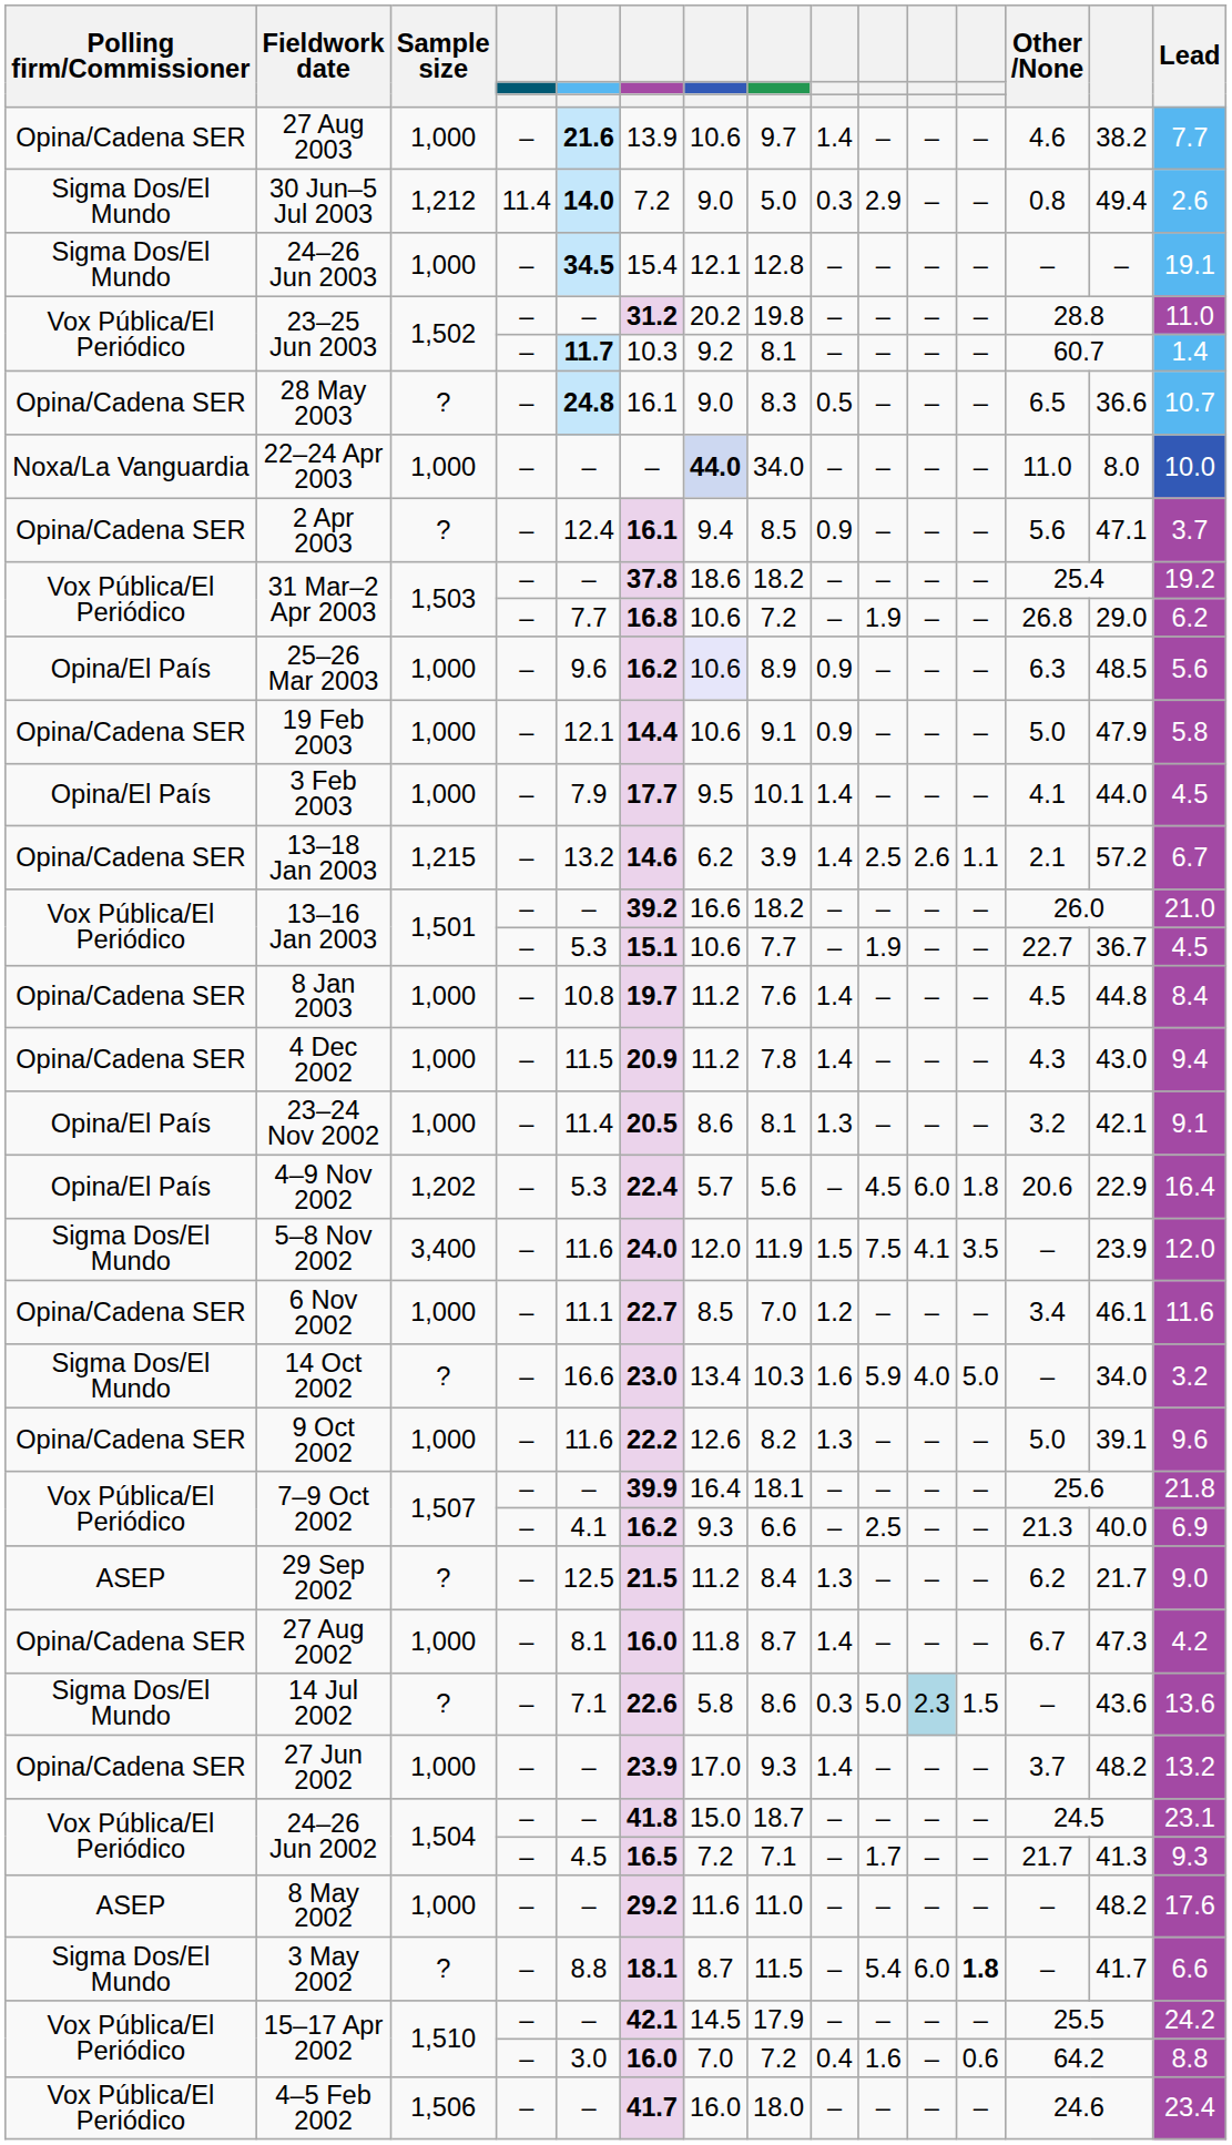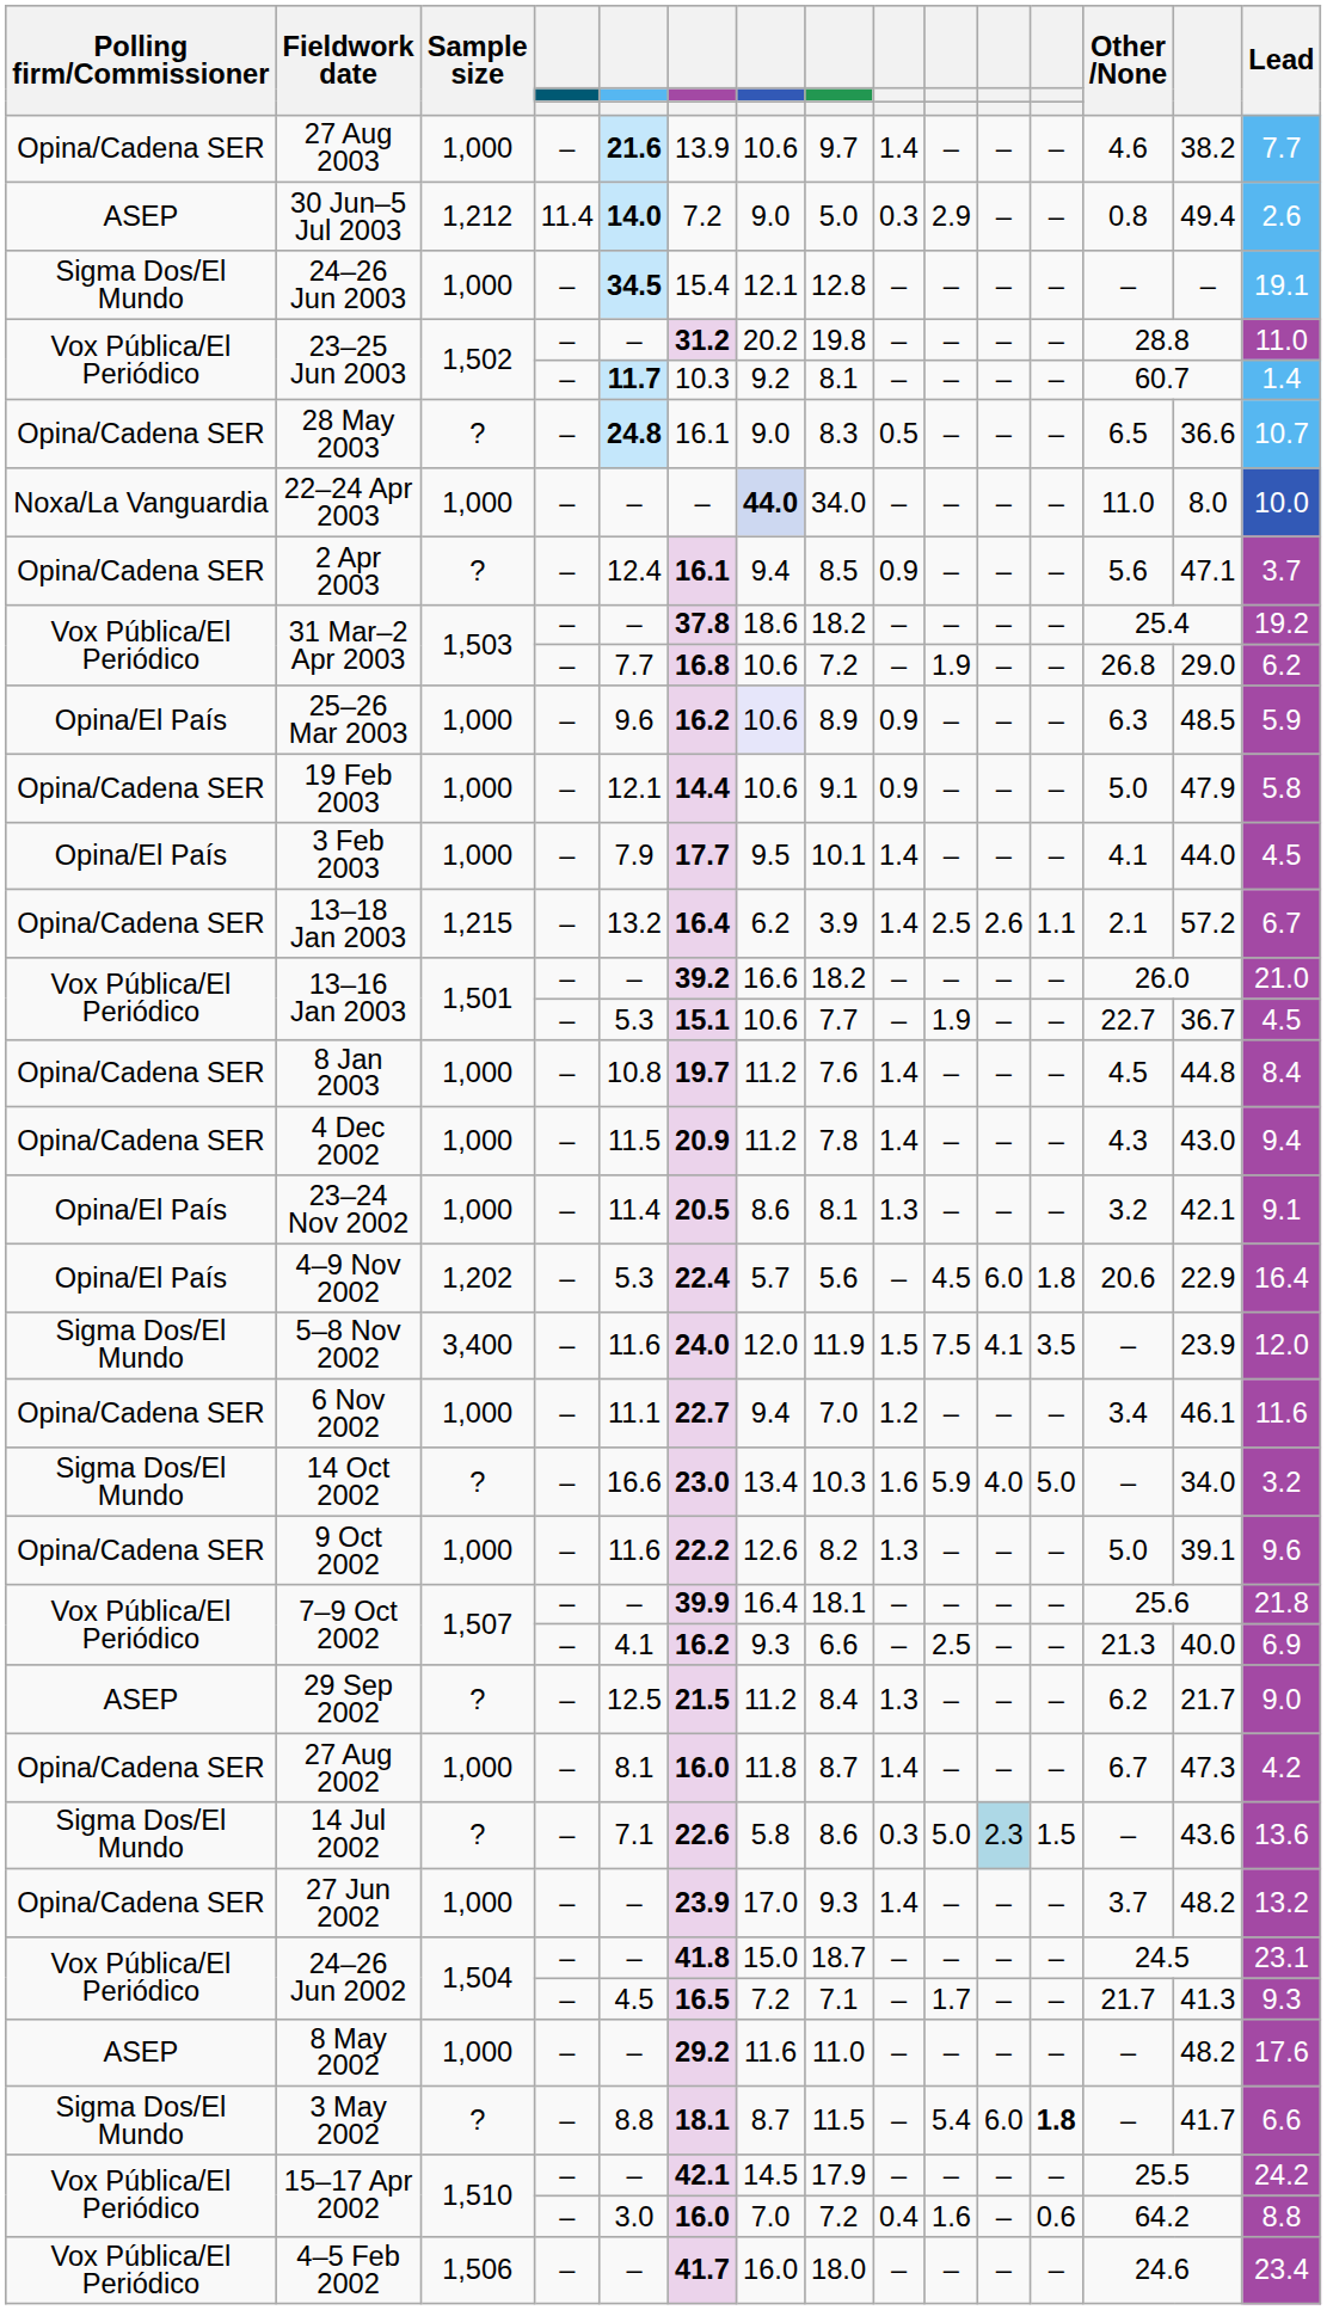 <table class="wikitable collapsible collapsed" style="text-align:center; font-size:90%; line-height:14px;">
 <tr style="height:42px;">
 <th style="width:260px;" rowspan="3">Polling firm/Commissioner</th>
 <th style="width:125px;" rowspan="3">Fieldwork date</th>
 <th style="width:60px;" rowspan="3">Sample size</th>
 <th style="width:60px;"></th>
 <th style="width:60px;"></th>
 <th style="width:60px;"></th>
 <th style="width:60px;"></th>
 <th style="width:60px;"></th>
 <th style="width:60px;"></th>
 <th style="width:60px;"></th>
 <th style="width:60px;"></th>
 <th style="width:60px;"></th>
 <th style="width:60px;" rowspan="3">Other<br>/None</th>
 <th style="width:60px;" rowspan="3"></th>
 <th style="width:30px;" rowspan="3">Lead</th>
 </tr>
 <tr>
 <th style="color:inherit;background:#005973;"></th>
 <th style="color:inherit;background:#56B7F1;"></th>
 <th style="color:inherit;background:#A349A4;"></th>
 <th style="color:inherit;background:#3259B6;"></th>
 <th style="color:inherit;background:#229751;"></th>
 <th style="color:inherit;background:"></th>
 <th style="color:inherit;background:"></th>
 <th style="color:inherit;background:"></th>
 <th style="color:inherit;background:"></th>
 </tr>
 <tr>
 <th></th>
 <th></th>
 <th></th>
 <th></th>
 <th></th>
 <th></th>
 <th></th>
 <th></th>
 <th></th>
 </tr>
 <tr>
 <td>Opina/Cadena SER</td>
 <td>27 Aug 2003</td>
 <td>1,000</td>
 <td>–</td>
 <td style="color:inherit;background:#C4E7FB;"><strong>21.6</strong></td>
 <td>13.9</td>
 <td>10.6</td>
 <td>9.7</td>
 <td>1.4</td>
 <td>–</td>
 <td>–</td>
 <td>–</td>
 <td>4.6</td>
 <td>38.2</td>
 <td style="color:inherit;background:#56B7F1; color:white;">7.7</td>
 </tr>
 <tr>
-<td>Sigma Dos/El Mundo</td>
+<td>ASEP</td>
 <td>30 Jun–5 Jul 2003</td>
 <td>1,212</td>
 <td>11.4</td>
 <td style="color:inherit;background:#C4E7FB;"><strong>14.0</strong></td>
 <td>7.2</td>
 <td>9.0</td>
 <td>5.0</td>
 <td>0.3</td>
 <td>2.9</td>
 <td>–</td>
 <td>–</td>
 <td>0.8</td>
 <td>49.4</td>
 <td style="color:inherit;background:#56B7F1; color:white;">2.6</td>
 </tr>
 <tr>
 <td>Sigma Dos/El Mundo</td>
 <td>24–26 Jun 2003</td>
 <td>1,000</td>
 <td>–</td>
 <td style="color:inherit;background:#C4E7FB;"><strong>34.5</strong></td>
 <td>15.4</td>
 <td>12.1</td>
 <td>12.8</td>
 <td>–</td>
 <td>–</td>
 <td>–</td>
 <td>–</td>
 <td>–</td>
 <td>–</td>
 <td style="color:inherit;background:#56B7F1; color:white;">19.1</td>
 </tr>
 <tr>
 <td rowspan="2">Vox Pública/El Periódico</td>
 <td rowspan="2">23–25 Jun 2003</td>
 <td rowspan="2">1,502</td>
 <td>–</td>
 <td>–</td>
 <td style="color:inherit;background:#EBD3EB;"><strong>31.2</strong></td>
 <td>20.2</td>
 <td>19.8</td>
 <td>–</td>
 <td>–</td>
 <td>–</td>
 <td>–</td>
 <td colspan="2">28.8</td>
 <td style="color:inherit;background:#A349A4; color:white;">11.0</td>
 </tr>
 <tr>
 <td>–</td>
 <td style="color:inherit;background:#C4E7FB;"><strong>11.7</strong></td>
 <td>10.3</td>
 <td>9.2</td>
 <td>8.1</td>
 <td>–</td>
 <td>–</td>
 <td>–</td>
 <td>–</td>
 <td colspan="2">60.7</td>
 <td style="color:inherit;background:#56B7F1; color:white;">1.4</td>
 </tr>
 <tr>
 <td>Opina/Cadena SER</td>
 <td>28 May 2003</td>
 <td>?</td>
 <td>–</td>
 <td style="color:inherit;background:#C4E7FB;"><strong>24.8</strong></td>
 <td>16.1</td>
 <td>9.0</td>
 <td>8.3</td>
 <td>0.5</td>
 <td>–</td>
 <td>–</td>
 <td>–</td>
 <td>6.5</td>
 <td>36.6</td>
 <td style="color:inherit;background:#56B7F1; color:white;">10.7</td>
 </tr>
 <tr>
 <td>Noxa/La Vanguardia</td>
 <td>22–24 Apr 2003</td>
 <td>1,000</td>
 <td>–</td>
 <td>–</td>
 <td>–</td>
 <td style="color:inherit;background:#CDD8F1;"><strong>44.0</strong></td>
 <td>34.0</td>
 <td>–</td>
 <td>–</td>
 <td>–</td>
 <td>–</td>
 <td>11.0</td>
 <td>8.0</td>
 <td style="color:inherit;background:#3259B6; color:white;">10.0</td>
 </tr>
 <tr>
 <td>Opina/Cadena SER</td>
 <td>2 Apr 2003</td>
 <td>?</td>
 <td>–</td>
 <td>12.4</td>
 <td style="color:inherit;background:#EBD3EB;"><strong>16.1</strong></td>
 <td>9.4</td>
 <td>8.5</td>
 <td>0.9</td>
 <td>–</td>
 <td>–</td>
 <td>–</td>
 <td>5.6</td>
 <td>47.1</td>
 <td style="color:inherit;background:#A349A4; color:white;">3.7</td>
 </tr>
 <tr>
 <td rowspan="2">Vox Pública/El Periódico</td>
 <td rowspan="2">31 Mar–2 Apr 2003</td>
 <td rowspan="2">1,503</td>
 <td>–</td>
 <td>–</td>
 <td style="color:inherit;background:#EBD3EB;"><strong>37.8</strong></td>
 <td>18.6</td>
 <td>18.2</td>
 <td>–</td>
 <td>–</td>
 <td>–</td>
 <td>–</td>
 <td colspan="2">25.4</td>
 <td style="color:inherit;background:#A349A4; color:white;">19.2</td>
 </tr>
 <tr>
 <td>–</td>
 <td>7.7</td>
 <td style="color:inherit;background:#EBD3EB;"><strong>16.8</strong></td>
 <td>10.6</td>
 <td>7.2</td>
 <td>–</td>
 <td>1.9</td>
 <td>–</td>
 <td>–</td>
 <td>26.8</td>
 <td>29.0</td>
 <td style="color:inherit;background:#A349A4; color:white;">6.2</td>
 </tr>
 <tr>
 <td>Opina/El País</td>
 <td>25–26 Mar 2003</td>
 <td>1,000</td>
 <td>–</td>
 <td>9.6</td>
 <td style="color:inherit;background:#EBD3EB;"><strong>16.2</strong></td>
 <td style="background: lavender;">10.6</td>
 <td>8.9</td>
 <td>0.9</td>
 <td>–</td>
 <td>–</td>
 <td>–</td>
 <td>6.3</td>
 <td>48.5</td>
-<td style="color:inherit;background:#A349A4; color:white;">5.6</td>
+<td style="color:inherit;background:#A349A4; color:white;">5.9</td>
 </tr>
 <tr>
 <td>Opina/Cadena SER</td>
 <td>19 Feb 2003</td>
 <td>1,000</td>
 <td>–</td>
 <td>12.1</td>
 <td style="color:inherit;background:#EBD3EB;"><strong>14.4</strong></td>
 <td>10.6</td>
 <td>9.1</td>
 <td>0.9</td>
 <td>–</td>
 <td>–</td>
 <td>–</td>
 <td>5.0</td>
 <td>47.9</td>
 <td style="color:inherit;background:#A349A4; color:white;">5.8</td>
 </tr>
 <tr>
 <td>Opina/El País</td>
 <td>3 Feb 2003</td>
 <td>1,000</td>
 <td>–</td>
 <td>7.9</td>
 <td style="color:inherit;background:#EBD3EB;"><strong>17.7</strong></td>
 <td>9.5</td>
 <td>10.1</td>
 <td>1.4</td>
 <td>–</td>
 <td>–</td>
 <td>–</td>
 <td>4.1</td>
 <td>44.0</td>
 <td style="color:inherit;background:#A349A4; color:white;">4.5</td>
 </tr>
 <tr>
 <td>Opina/Cadena SER</td>
 <td>13–18 Jan 2003</td>
 <td>1,215</td>
 <td>–</td>
 <td>13.2</td>
-<td style="color:inherit;background:#EBD3EB;"><strong>14.6</strong></td>
+<td style="color:inherit;background:#EBD3EB;"><strong>16.4</strong></td>
 <td>6.2</td>
 <td>3.9</td>
 <td>1.4</td>
 <td>2.5</td>
 <td>2.6</td>
 <td>1.1</td>
 <td>2.1</td>
 <td>57.2</td>
 <td style="color:inherit;background:#A349A4; color:white;">6.7</td>
 </tr>
 <tr>
 <td rowspan="2">Vox Pública/El Periódico</td>
 <td rowspan="2">13–16 Jan 2003</td>
 <td rowspan="2">1,501</td>
 <td>–</td>
 <td>–</td>
 <td style="color:inherit;background:#EBD3EB;"><strong>39.2</strong></td>
 <td>16.6</td>
 <td>18.2</td>
 <td>–</td>
 <td>–</td>
 <td>–</td>
 <td>–</td>
 <td colspan="2">26.0</td>
 <td style="color:inherit;background:#A349A4; color:white;">21.0</td>
 </tr>
 <tr>
 <td>–</td>
 <td>5.3</td>
 <td style="color:inherit;background:#EBD3EB;"><strong>15.1</strong></td>
 <td>10.6</td>
 <td>7.7</td>
 <td>–</td>
 <td>1.9</td>
 <td>–</td>
 <td>–</td>
 <td>22.7</td>
 <td>36.7</td>
 <td style="color:inherit;background:#A349A4; color:white;">4.5</td>
 </tr>
 <tr>
 <td>Opina/Cadena SER</td>
 <td>8 Jan 2003</td>
 <td>1,000</td>
 <td>–</td>
 <td>10.8</td>
 <td style="color:inherit;background:#EBD3EB;"><strong>19.7</strong></td>
 <td>11.2</td>
 <td>7.6</td>
 <td>1.4</td>
 <td>–</td>
 <td>–</td>
 <td>–</td>
 <td>4.5</td>
 <td>44.8</td>
 <td style="color:inherit;background:#A349A4; color:white;">8.4</td>
 </tr>
 <tr>
 <td>Opina/Cadena SER</td>
 <td>4 Dec 2002</td>
 <td>1,000</td>
 <td>–</td>
 <td>11.5</td>
 <td style="color:inherit;background:#EBD3EB;"><strong>20.9</strong></td>
 <td>11.2</td>
 <td>7.8</td>
 <td>1.4</td>
 <td>–</td>
 <td>–</td>
 <td>–</td>
 <td>4.3</td>
 <td>43.0</td>
 <td style="color:inherit;background:#A349A4; color:white;">9.4</td>
 </tr>
 <tr>
 <td>Opina/El País</td>
 <td>23–24 Nov 2002</td>
 <td>1,000</td>
 <td>–</td>
 <td>11.4</td>
 <td style="color:inherit;background:#EBD3EB;"><strong>20.5</strong></td>
 <td>8.6</td>
 <td>8.1</td>
 <td>1.3</td>
 <td>–</td>
 <td>–</td>
 <td>–</td>
 <td>3.2</td>
 <td>42.1</td>
 <td style="color:inherit;background:#A349A4; color:white;">9.1</td>
 </tr>
 <tr>
 <td>Opina/El País</td>
 <td>4–9 Nov 2002</td>
 <td>1,202</td>
 <td>–</td>
 <td>5.3</td>
 <td style="color:inherit;background:#EBD3EB;"><strong>22.4</strong></td>
 <td>5.7</td>
 <td>5.6</td>
 <td>–</td>
 <td>4.5</td>
 <td>6.0</td>
 <td>1.8</td>
 <td>20.6</td>
 <td>22.9</td>
 <td style="color:inherit;background:#A349A4; color:white;">16.4</td>
 </tr>
 <tr>
 <td>Sigma Dos/El Mundo</td>
 <td>5–8 Nov 2002</td>
 <td>3,400</td>
 <td>–</td>
 <td>11.6</td>
 <td style="color:inherit;background:#EBD3EB;"><strong>24.0</strong></td>
 <td>12.0</td>
 <td>11.9</td>
 <td>1.5</td>
 <td>7.5</td>
 <td>4.1</td>
 <td>3.5</td>
 <td>–</td>
 <td>23.9</td>
 <td style="color:inherit;background:#A349A4; color:white;">12.0</td>
 </tr>
 <tr>
 <td>Opina/Cadena SER</td>
 <td>6 Nov 2002</td>
 <td>1,000</td>
 <td>–</td>
 <td>11.1</td>
 <td style="color:inherit;background:#EBD3EB;"><strong>22.7</strong></td>
-<td>8.5</td>
+<td>9.4</td>
 <td>7.0</td>
 <td>1.2</td>
 <td>–</td>
 <td>–</td>
 <td>–</td>
 <td>3.4</td>
 <td>46.1</td>
 <td style="color:inherit;background:#A349A4; color:white;">11.6</td>
 </tr>
 <tr>
 <td>Sigma Dos/El Mundo</td>
 <td>14 Oct 2002</td>
 <td>?</td>
 <td>–</td>
 <td>16.6</td>
 <td style="color:inherit;background:#EBD3EB;"><strong>23.0</strong></td>
 <td>13.4</td>
 <td>10.3</td>
 <td>1.6</td>
 <td>5.9</td>
 <td>4.0</td>
 <td>5.0</td>
 <td>–</td>
 <td>34.0</td>
 <td style="color:inherit;background:#A349A4; color:white;">3.2</td>
 </tr>
 <tr>
 <td>Opina/Cadena SER</td>
 <td>9 Oct 2002</td>
 <td>1,000</td>
 <td>–</td>
 <td>11.6</td>
 <td style="color:inherit;background:#EBD3EB;"><strong>22.2</strong></td>
 <td>12.6</td>
 <td>8.2</td>
 <td>1.3</td>
 <td>–</td>
 <td>–</td>
 <td>–</td>
 <td>5.0</td>
 <td>39.1</td>
 <td style="color:inherit;background:#A349A4; color:white;">9.6</td>
 </tr>
 <tr>
 <td rowspan="2">Vox Pública/El Periódico</td>
 <td rowspan="2">7–9 Oct 2002</td>
 <td rowspan="2">1,507</td>
 <td>–</td>
 <td>–</td>
 <td style="color:inherit;background:#EBD3EB;"><strong>39.9</strong></td>
 <td>16.4</td>
 <td>18.1</td>
 <td>–</td>
 <td>–</td>
 <td>–</td>
 <td>–</td>
 <td colspan="2">25.6</td>
 <td style="color:inherit;background:#A349A4; color:white;">21.8</td>
 </tr>
 <tr>
 <td>–</td>
 <td>4.1</td>
 <td style="color:inherit;background:#EBD3EB;"><strong>16.2</strong></td>
 <td>9.3</td>
 <td>6.6</td>
 <td>–</td>
 <td>2.5</td>
 <td>–</td>
 <td>–</td>
 <td>21.3</td>
 <td>40.0</td>
 <td style="color:inherit;background:#A349A4; color:white;">6.9</td>
 </tr>
 <tr>
 <td>ASEP</td>
 <td>29 Sep 2002</td>
 <td>?</td>
 <td>–</td>
 <td>12.5</td>
 <td style="color:inherit;background:#EBD3EB;"><strong>21.5</strong></td>
 <td>11.2</td>
 <td>8.4</td>
 <td>1.3</td>
 <td>–</td>
 <td>–</td>
 <td>–</td>
 <td>6.2</td>
 <td>21.7</td>
 <td style="color:inherit;background:#A349A4; color:white;">9.0</td>
 </tr>
 <tr>
 <td>Opina/Cadena SER</td>
 <td>27 Aug 2002</td>
 <td>1,000</td>
 <td>–</td>
 <td>8.1</td>
 <td style="color:inherit;background:#EBD3EB;"><strong>16.0</strong></td>
 <td>11.8</td>
 <td>8.7</td>
 <td>1.4</td>
 <td>–</td>
 <td>–</td>
 <td>–</td>
 <td>6.7</td>
 <td>47.3</td>
 <td style="color:inherit;background:#A349A4; color:white;">4.2</td>
 </tr>
 <tr>
 <td>Sigma Dos/El Mundo</td>
 <td>14 Jul 2002</td>
 <td>?</td>
 <td>–</td>
 <td>7.1</td>
 <td style="color:inherit;background:#EBD3EB;"><strong>22.6</strong></td>
 <td>5.8</td>
 <td>8.6</td>
 <td>0.3</td>
 <td>5.0</td>
 <td style="background: lightblue;">2.3</td>
 <td>1.5</td>
 <td>–</td>
 <td>43.6</td>
 <td style="color:inherit;background:#A349A4; color:white;">13.6</td>
 </tr>
 <tr>
 <td>Opina/Cadena SER</td>
 <td>27 Jun 2002</td>
 <td>1,000</td>
 <td>–</td>
 <td>–</td>
 <td style="color:inherit;background:#EBD3EB;"><strong>23.9</strong></td>
 <td>17.0</td>
 <td>9.3</td>
 <td>1.4</td>
 <td>–</td>
 <td>–</td>
 <td>–</td>
 <td>3.7</td>
 <td>48.2</td>
 <td style="color:inherit;background:#A349A4; color:white;">13.2</td>
 </tr>
 <tr>
 <td rowspan="2">Vox Pública/El Periódico</td>
 <td rowspan="2">24–26 Jun 2002</td>
 <td rowspan="2">1,504</td>
 <td>–</td>
 <td>–</td>
 <td style="color:inherit;background:#EBD3EB;"><strong>41.8</strong></td>
 <td>15.0</td>
 <td>18.7</td>
 <td>–</td>
 <td>–</td>
 <td>–</td>
 <td>–</td>
 <td colspan="2">24.5</td>
 <td style="color:inherit;background:#A349A4; color:white;">23.1</td>
 </tr>
 <tr>
 <td>–</td>
 <td>4.5</td>
 <td style="color:inherit;background:#EBD3EB;"><strong>16.5</strong></td>
 <td>7.2</td>
 <td>7.1</td>
 <td>–</td>
 <td>1.7</td>
 <td>–</td>
 <td>–</td>
 <td>21.7</td>
 <td>41.3</td>
 <td style="color:inherit;background:#A349A4; color:white;">9.3</td>
 </tr>
 <tr>
 <td>ASEP</td>
 <td>8 May 2002</td>
 <td>1,000</td>
 <td>–</td>
 <td>–</td>
 <td style="color:inherit;background:#EBD3EB;"><strong>29.2</strong></td>
 <td>11.6</td>
 <td>11.0</td>
 <td>–</td>
 <td>–</td>
 <td>–</td>
 <td>–</td>
 <td>–</td>
 <td>48.2</td>
 <td style="color:inherit;background:#A349A4; color:white;">17.6</td>
 </tr>
 <tr>
 <td>Sigma Dos/El Mundo</td>
 <td>3 May 2002</td>
 <td>?</td>
 <td>–</td>
 <td>8.8</td>
 <td style="color:inherit;background:#EBD3EB;"><strong>18.1</strong></td>
 <td>8.7</td>
 <td>11.5</td>
 <td>–</td>
 <td>5.4</td>
 <td>6.0</td>
 <td><strong>1.8</strong></td>
 <td>–</td>
 <td>41.7</td>
 <td style="color:inherit;background:#A349A4; color:white;">6.6</td>
 </tr>
 <tr>
 <td rowspan="2">Vox Pública/El Periódico</td>
 <td rowspan="2">15–17 Apr 2002</td>
 <td rowspan="2">1,510</td>
 <td>–</td>
 <td>–</td>
 <td style="color:inherit;background:#EBD3EB;"><strong>42.1</strong></td>
 <td>14.5</td>
 <td>17.9</td>
 <td>–</td>
 <td>–</td>
 <td>–</td>
 <td>–</td>
 <td colspan="2">25.5</td>
 <td style="color:inherit;background:#A349A4; color:white;">24.2</td>
 </tr>
 <tr>
 <td>–</td>
 <td>3.0</td>
 <td style="color:inherit;background:#EBD3EB;"><strong>16.0</strong></td>
 <td>7.0</td>
 <td>7.2</td>
 <td>0.4</td>
 <td>1.6</td>
 <td>–</td>
 <td>0.6</td>
 <td colspan="2">64.2</td>
 <td style="color:inherit;background:#A349A4; color:white;">8.8</td>
 </tr>
 <tr>
 <td rowspan="2">Vox Pública/El Periódico</td>
 <td rowspan="2">4–5 Feb 2002</td>
 <td rowspan="2">1,506</td>
 <td>–</td>
 <td>–</td>
 <td style="color:inherit;background:#EBD3EB;"><strong>41.7</strong></td>
 <td>16.0</td>
 <td>18.0</td>
 <td>–</td>
 <td>–</td>
 <td>–</td>
 <td>–</td>
 <td colspan="2">24.6</td>
 <td style="color:inherit;background:#A349A4; color:white;">23.4</td>
 </tr>
 </table>
